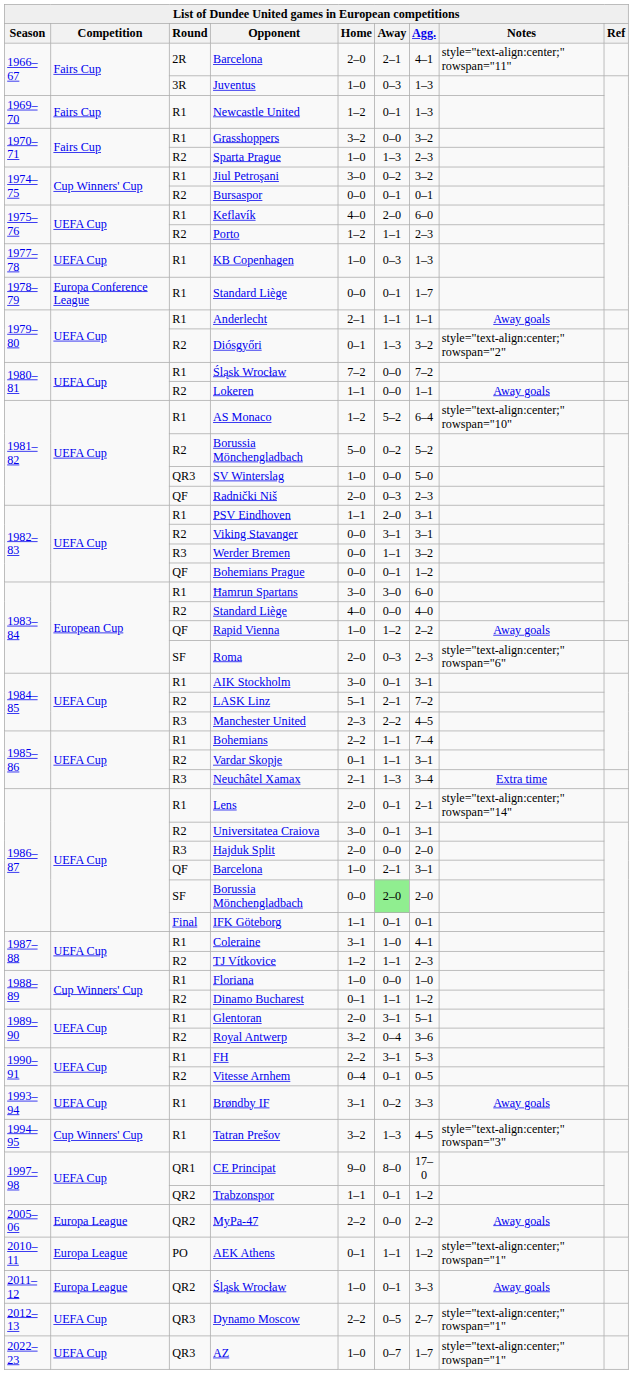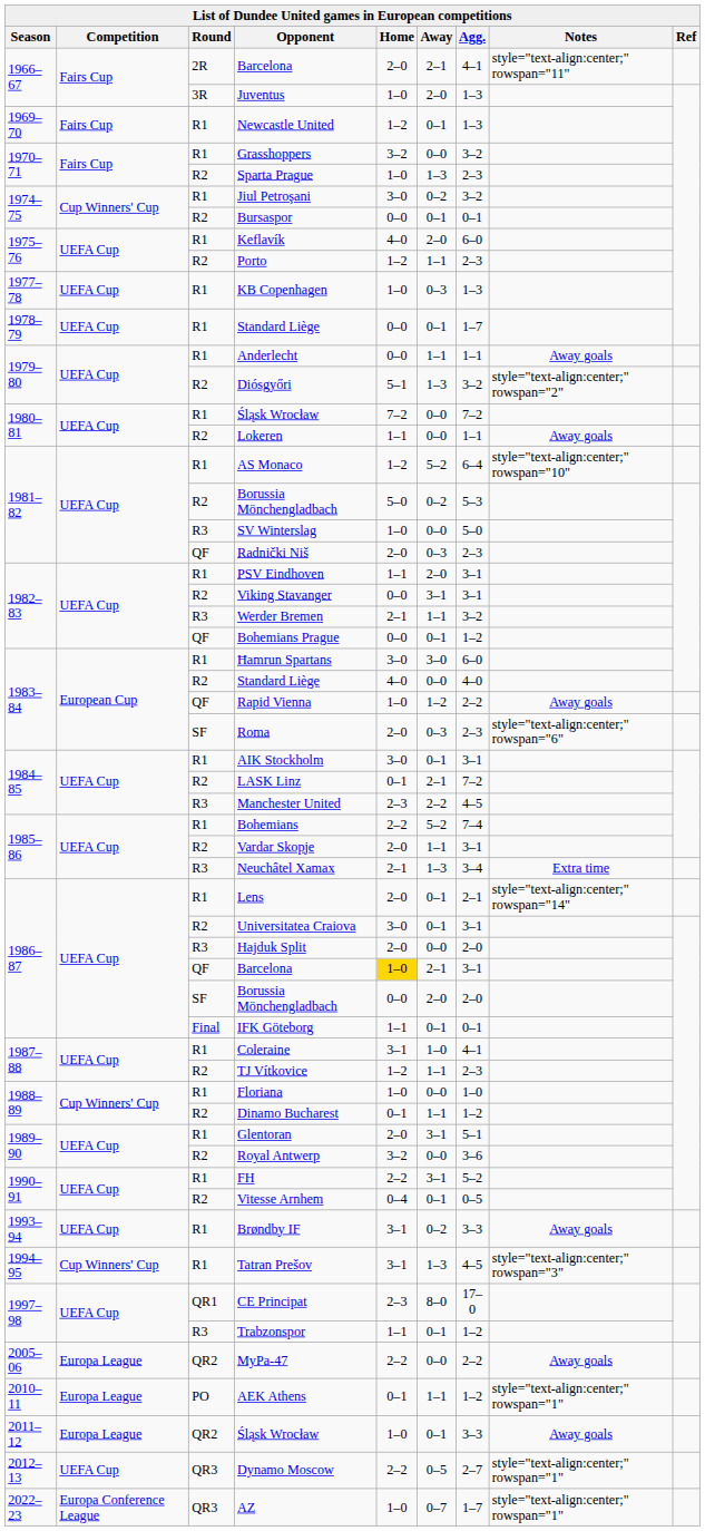 <table class="sortable plainrowheaders wikitable" width="65%" style="text-align: left;">
 <tr>
 <th style="background:#EFEFEF;" colspan=17>List of Dundee United games in European competitions</th>
 </tr>
 <tr>
 <th>Season</th>
 <th>Competition</th>
 <th>Round</th>
 <th>Opponent</th>
 <th>Home</th>
 <th>Away</th>
 <th><a href='#'>Agg.</a></th>
 <th class="unsortable">Notes</th>
 <th class="unsortable">Ref</th>
 </tr>
 <tr>
 <td rowspan=2><a href='#'>1966–67</a></td>
 <td rowspan=2><a href='#'>Fairs Cup</a></td>
 <td>2R</td>
 <td> <a href='#'>Barcelona</a></td>
 <td align="center">2–0</td>
 <td align="center">2–1</td>
 <td align="center">4–1</td>
 <td>style="text-align:center;" rowspan="11" </td>
 <td></td>
 </tr>
 <tr>
 <td>3R</td>
 <td> <a href='#'>Juventus</a></td>
 <td align="center">1–0</td>
-<td align="center">0–3</td>
+<td align="center">2–0</td>
 <td align="center">1–3</td>
 <td></td>
 </tr>
 <tr>
 <td><a href='#'>1969–70</a></td>
 <td><a href='#'>Fairs Cup</a></td>
 <td>R1</td>
 <td> <a href='#'>Newcastle United</a></td>
 <td align="center">1–2</td>
 <td align="center">0–1</td>
 <td align="center">1–3</td>
 <td></td>
 </tr>
 <tr>
 <td rowspan=2><a href='#'>1970–71</a></td>
 <td rowspan=2><a href='#'>Fairs Cup</a></td>
 <td>R1</td>
 <td> <a href='#'>Grasshoppers</a></td>
 <td align="center">3–2</td>
 <td align="center">0–0</td>
 <td align="center">3–2</td>
 <td></td>
 </tr>
 <tr>
 <td>R2</td>
 <td> <a href='#'>Sparta Prague</a></td>
 <td align="center">1–0</td>
 <td align="center">1–3</td>
 <td align="center">2–3</td>
 <td></td>
 </tr>
 <tr>
 <td rowspan=2><a href='#'>1974–75</a></td>
 <td rowspan=2><a href='#'>Cup Winners' Cup</a></td>
 <td>R1</td>
 <td> <a href='#'>Jiul Petroşani</a></td>
 <td align="center">3–0</td>
 <td align="center">0–2</td>
 <td align="center">3–2</td>
 <td></td>
 </tr>
 <tr>
 <td>R2</td>
 <td> <a href='#'>Bursaspor</a></td>
 <td align="center">0–0</td>
 <td align="center">0–1</td>
 <td align="center">0–1</td>
 <td></td>
 </tr>
 <tr>
 <td rowspan=2><a href='#'>1975–76</a></td>
 <td rowspan=2><a href='#'>UEFA Cup</a></td>
 <td>R1</td>
 <td> <a href='#'>Keflavík</a></td>
 <td align="center">4–0</td>
 <td align="center">2–0</td>
 <td align="center">6–0</td>
 <td></td>
 </tr>
 <tr>
 <td>R2</td>
 <td> <a href='#'>Porto</a></td>
 <td align="center">1–2</td>
 <td align="center">1–1</td>
 <td align="center">2–3</td>
 <td></td>
 </tr>
 <tr>
 <td><a href='#'>1977–78</a></td>
 <td><a href='#'>UEFA Cup</a></td>
 <td>R1</td>
 <td> <a href='#'>KB Copenhagen</a></td>
 <td align="center">1–0</td>
 <td align="center">0–3</td>
 <td align="center">1–3</td>
 <td></td>
 </tr>
 <tr>
 <td><a href='#'>1978–79</a></td>
-<td><a href='#'>Europa Conference League</a></td>
+<td><a href='#'>UEFA Cup</a></td>
 <td>R1</td>
 <td> <a href='#'>Standard Liège</a></td>
 <td align="center">0–0</td>
 <td align="center">0–1</td>
 <td align="center">1–7</td>
 <td></td>
 </tr>
 <tr>
 <td rowspan=2><a href='#'>1979–80</a></td>
 <td rowspan=2><a href='#'>UEFA Cup</a></td>
 <td>R1</td>
 <td> <a href='#'>Anderlecht</a></td>
-<td align="center">2–1</td>
+<td align="center">0–0</td>
 <td align="center">1–1</td>
 <td align="center">1–1</td>
 <td align="center"><a href='#'>Away goals</a></td>
 <td></td>
 </tr>
 <tr>
 <td>R2</td>
 <td> <a href='#'>Diósgyőri</a></td>
-<td align="center">0–1</td>
+<td align="center">5–1</td>
 <td align="center">1–3</td>
 <td align="center">3–2</td>
 <td>style="text-align:center;" rowspan="2" </td>
 <td></td>
 </tr>
 <tr>
 <td rowspan=2><a href='#'>1980–81</a></td>
 <td rowspan=2><a href='#'>UEFA Cup</a></td>
 <td>R1</td>
 <td> <a href='#'>Śląsk Wrocław</a></td>
 <td align="center">7–2</td>
 <td align="center">0–0</td>
 <td align="center">7–2</td>
 <td></td>
 </tr>
 <tr>
 <td>R2</td>
 <td> <a href='#'>Lokeren</a></td>
 <td align="center">1–1</td>
 <td align="center">0–0</td>
 <td align="center">1–1</td>
 <td align="center"><a href='#'>Away goals</a></td>
 <td></td>
 </tr>
 <tr>
 <td rowspan=4><a href='#'>1981–82</a></td>
 <td rowspan=4><a href='#'>UEFA Cup</a></td>
 <td>R1</td>
 <td> <a href='#'>AS Monaco</a></td>
 <td align="center">1–2</td>
 <td align="center">5–2</td>
 <td align="center">6–4</td>
 <td>style="text-align:center;" rowspan="10" </td>
 <td></td>
 </tr>
 <tr>
 <td>R2</td>
 <td> <a href='#'>Borussia Mönchengladbach</a></td>
 <td align="center">5–0</td>
 <td align="center">0–2</td>
-<td align="center">5–2</td>
+<td align="center">5–3</td>
 <td></td>
 </tr>
 <tr>
-<td>QR3</td>
+<td>R3</td>
 <td> <a href='#'>SV Winterslag</a></td>
 <td align="center">1–0</td>
 <td align="center">0–0</td>
 <td align="center">5–0</td>
 <td></td>
 </tr>
 <tr>
 <td>QF</td>
 <td> <a href='#'>Radnički Niš</a></td>
 <td align="center">2–0</td>
 <td align="center">0–3</td>
 <td align="center">2–3</td>
 <td></td>
 </tr>
 <tr>
 <td rowspan=4><a href='#'>1982–83</a></td>
 <td rowspan=4><a href='#'>UEFA Cup</a></td>
 <td>R1</td>
 <td> <a href='#'>PSV Eindhoven</a></td>
 <td align="center">1–1</td>
 <td align="center">2–0</td>
 <td align="center">3–1</td>
 <td></td>
 </tr>
 <tr>
 <td>R2</td>
 <td> <a href='#'>Viking Stavanger</a></td>
 <td align="center">0–0</td>
 <td align="center">3–1</td>
 <td align="center">3–1</td>
 <td></td>
 </tr>
 <tr>
 <td>R3</td>
 <td> <a href='#'>Werder Bremen</a></td>
-<td align="center">0–0</td>
+<td align="center">2–1</td>
 <td align="center">1–1</td>
 <td align="center">3–2</td>
 <td></td>
 </tr>
 <tr>
 <td>QF</td>
 <td> <a href='#'>Bohemians Prague</a></td>
 <td align="center">0–0</td>
 <td align="center">0–1</td>
 <td align="center">1–2</td>
 <td></td>
 </tr>
 <tr>
 <td rowspan=4><a href='#'>1983–84</a></td>
 <td rowspan=4><a href='#'>European Cup</a></td>
 <td>R1</td>
 <td> <a href='#'>Ħamrun Spartans</a></td>
 <td align="center">3–0</td>
 <td align="center">3–0</td>
 <td align="center">6–0</td>
 <td></td>
 </tr>
 <tr>
 <td>R2</td>
 <td> <a href='#'>Standard Liège</a></td>
 <td align="center">4–0</td>
 <td align="center">0–0</td>
 <td align="center">4–0</td>
 <td></td>
 </tr>
 <tr>
 <td>QF</td>
 <td> <a href='#'>Rapid Vienna</a></td>
 <td align="center">1–0</td>
 <td align="center">1–2</td>
 <td align="center">2–2</td>
 <td align="center"><a href='#'>Away goals</a></td>
 <td></td>
 </tr>
 <tr>
 <td>SF</td>
 <td> <a href='#'>Roma</a></td>
 <td align="center">2–0</td>
 <td align="center">0–3</td>
 <td align="center">2–3</td>
 <td>style="text-align:center;" rowspan="6" </td>
 <td></td>
 </tr>
 <tr>
 <td rowspan=3><a href='#'>1984–85</a></td>
 <td rowspan=3><a href='#'>UEFA Cup</a></td>
 <td>R1</td>
 <td> <a href='#'>AIK Stockholm</a></td>
 <td align="center">3–0</td>
 <td align="center">0–1</td>
 <td align="center">3–1</td>
 <td></td>
 </tr>
 <tr>
 <td>R2</td>
 <td> <a href='#'>LASK Linz</a></td>
-<td align="center">5–1</td>
+<td align="center">0–1</td>
 <td align="center">2–1</td>
 <td align="center">7–2</td>
 <td></td>
 </tr>
 <tr>
 <td>R3</td>
 <td> <a href='#'>Manchester United</a></td>
 <td align="center">2–3</td>
 <td align="center">2–2</td>
 <td align="center">4–5</td>
 <td></td>
 </tr>
 <tr>
 <td rowspan=3><a href='#'>1985–86</a></td>
 <td rowspan=3><a href='#'>UEFA Cup</a></td>
 <td>R1</td>
 <td> <a href='#'>Bohemians</a></td>
 <td align="center">2–2</td>
-<td align="center">1–1</td>
+<td align="center">5–2</td>
 <td align="center">7–4</td>
 <td></td>
 </tr>
 <tr>
 <td>R2</td>
 <td> <a href='#'>Vardar Skopje</a></td>
-<td align="center">0–1</td>
+<td align="center">2–0</td>
 <td align="center">1–1</td>
 <td align="center">3–1</td>
 <td></td>
 </tr>
 <tr>
 <td>R3</td>
 <td> <a href='#'>Neuchâtel Xamax</a></td>
 <td align="center">2–1</td>
 <td align="center">1–3</td>
 <td align="center">3–4</td>
 <td align="center"><a href='#'>Extra time</a></td>
 <td></td>
 </tr>
 <tr>
 <td rowspan=6><a href='#'>1986–87</a></td>
 <td rowspan=6><a href='#'>UEFA Cup</a></td>
 <td>R1</td>
 <td> <a href='#'>Lens</a></td>
 <td align="center">2–0</td>
 <td align="center">0–1</td>
 <td align="center">2–1</td>
 <td>style="text-align:center;" rowspan="14" </td>
 <td></td>
 </tr>
 <tr>
 <td>R2</td>
 <td> <a href='#'>Universitatea Craiova</a></td>
 <td align="center">3–0</td>
 <td align="center">0–1</td>
 <td align="center">3–1</td>
 <td></td>
 </tr>
 <tr>
 <td>R3</td>
 <td> <a href='#'>Hajduk Split</a></td>
 <td align="center">2–0</td>
 <td align="center">0–0</td>
 <td align="center">2–0</td>
 <td></td>
 </tr>
 <tr>
 <td>QF</td>
 <td> <a href='#'>Barcelona</a></td>
-<td align="center">1–0</td>
+<td align="center" style="background: gold;">1–0</td>
 <td align="center">2–1</td>
 <td align="center">3–1</td>
 <td></td>
 </tr>
 <tr>
 <td>SF</td>
 <td> <a href='#'>Borussia Mönchengladbach</a></td>
 <td align="center">0–0</td>
-<td align="center" style="background: lightgreen;">2–0</td>
+<td align="center">2–0</td>
 <td align="center">2–0</td>
 <td></td>
 </tr>
 <tr>
 <td><a href='#'>Final</a></td>
 <td> <a href='#'>IFK Göteborg</a></td>
 <td align="center">1–1</td>
 <td align="center">0–1</td>
 <td align="center">0–1</td>
 <td></td>
 </tr>
 <tr>
 <td rowspan=2><a href='#'>1987–88</a></td>
 <td rowspan=2><a href='#'>UEFA Cup</a></td>
 <td>R1</td>
 <td> <a href='#'>Coleraine</a></td>
 <td align="center">3–1</td>
 <td align="center">1–0</td>
 <td align="center">4–1</td>
 <td></td>
 </tr>
 <tr>
 <td>R2</td>
 <td> <a href='#'>TJ Vítkovice</a></td>
 <td align="center">1–2</td>
 <td align="center">1–1</td>
 <td align="center">2–3</td>
 <td></td>
 </tr>
 <tr>
 <td rowspan=2><a href='#'>1988–89</a></td>
 <td rowspan=2><a href='#'>Cup Winners' Cup</a></td>
 <td>R1</td>
 <td> <a href='#'>Floriana</a></td>
 <td align="center">1–0</td>
 <td align="center">0–0</td>
 <td align="center">1–0</td>
 <td></td>
 </tr>
 <tr>
 <td>R2</td>
 <td> <a href='#'>Dinamo Bucharest</a></td>
 <td align="center">0–1</td>
 <td align="center">1–1</td>
 <td align="center">1–2</td>
 <td></td>
 </tr>
 <tr>
 <td rowspan=2><a href='#'>1989–90</a></td>
 <td rowspan=2><a href='#'>UEFA Cup</a></td>
 <td>R1</td>
 <td> <a href='#'>Glentoran</a></td>
 <td align="center">2–0</td>
 <td align="center">3–1</td>
 <td align="center">5–1</td>
 <td></td>
 </tr>
 <tr>
 <td>R2</td>
 <td> <a href='#'>Royal Antwerp</a></td>
 <td align="center">3–2</td>
-<td align="center">0–4</td>
+<td align="center">0–0</td>
 <td align="center">3–6</td>
 <td></td>
 </tr>
 <tr>
 <td rowspan=2><a href='#'>1990–91</a></td>
 <td rowspan=2><a href='#'>UEFA Cup</a></td>
 <td>R1</td>
 <td> <a href='#'>FH</a></td>
 <td align="center">2–2</td>
 <td align="center">3–1</td>
-<td align="center">5–3</td>
+<td align="center">5–2</td>
 <td></td>
 </tr>
 <tr>
 <td>R2</td>
 <td> <a href='#'>Vitesse Arnhem</a></td>
 <td align="center">0–4</td>
 <td align="center">0–1</td>
 <td align="center">0–5</td>
 <td></td>
 </tr>
 <tr>
 <td><a href='#'>1993–94</a></td>
 <td><a href='#'>UEFA Cup</a></td>
 <td>R1</td>
 <td> <a href='#'>Brøndby IF</a></td>
 <td align="center">3–1</td>
 <td align="center">0–2</td>
 <td align="center">3–3</td>
 <td align="center"><a href='#'>Away goals</a></td>
 <td></td>
 </tr>
 <tr>
 <td><a href='#'>1994–95</a></td>
 <td><a href='#'>Cup Winners' Cup</a></td>
 <td>R1</td>
 <td> <a href='#'>Tatran Prešov</a></td>
-<td align="center">3–2</td>
+<td align="center">3–1</td>
 <td align="center">1–3</td>
 <td align="center">4–5</td>
 <td>style="text-align:center;" rowspan="3" </td>
 <td></td>
 </tr>
 <tr>
 <td rowspan=2><a href='#'>1997–98</a></td>
 <td rowspan=2><a href='#'>UEFA Cup</a></td>
 <td>QR1</td>
 <td> <a href='#'>CE Principat</a></td>
-<td align="center">9–0</td>
+<td align="center">2–3</td>
 <td align="center">8–0</td>
 <td align="center">17–0</td>
 <td></td>
 </tr>
 <tr>
-<td>QR2</td>
+<td>R3</td>
 <td> <a href='#'>Trabzonspor</a></td>
 <td align="center">1–1</td>
 <td align="center">0–1</td>
 <td align="center">1–2</td>
 <td></td>
 </tr>
 <tr>
 <td><a href='#'>2005–06</a></td>
 <td><a href='#'>Europa League</a></td>
 <td>QR2</td>
 <td> <a href='#'>MyPa-47</a></td>
 <td align="center">2–2</td>
 <td align="center">0–0</td>
 <td align="center">2–2</td>
 <td align="center"><a href='#'>Away goals</a></td>
 <td></td>
 </tr>
 <tr>
 <td><a href='#'>2010–11</a></td>
 <td><a href='#'>Europa League</a></td>
 <td>PO</td>
 <td> <a href='#'>AEK Athens</a></td>
 <td align="center">0–1</td>
 <td align="center">1–1</td>
 <td align="center">1–2</td>
 <td>style="text-align:center;" rowspan="1" </td>
 <td></td>
 </tr>
 <tr>
 <td><a href='#'>2011–12</a></td>
 <td><a href='#'>Europa League</a></td>
 <td>QR2</td>
 <td> <a href='#'>Śląsk Wrocław</a></td>
 <td align="center">1–0</td>
 <td align="center">0–1</td>
 <td align="center">3–3</td>
 <td align="center"><a href='#'>Away goals</a></td>
 <td></td>
 </tr>
 <tr>
 <td><a href='#'>2012–13</a></td>
 <td><a href='#'>UEFA Cup</a></td>
 <td>QR3</td>
 <td> <a href='#'>Dynamo Moscow</a></td>
 <td align="center">2–2</td>
 <td align="center">0–5</td>
 <td align="center">2–7</td>
 <td>style="text-align:center;" rowspan="1" </td>
 <td></td>
 </tr>
 <tr>
 <td><a href='#'>2022–23</a></td>
-<td><a href='#'>UEFA Cup</a></td>
+<td><a href='#'>Europa Conference League</a></td>
 <td>QR3</td>
 <td> <a href='#'>AZ</a></td>
 <td align="center">1–0</td>
 <td align="center">0–7</td>
 <td align="center">1–7</td>
 <td>style="text-align:center;" rowspan="1" </td>
 <td></td>
 </tr>
 </table>
